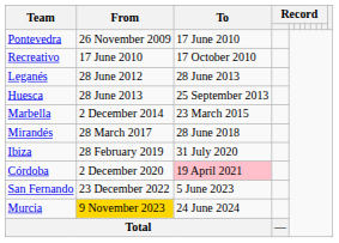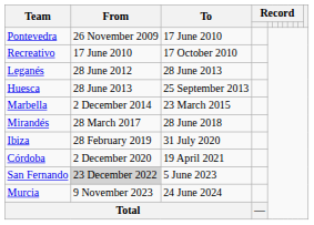 <table class="wikitable" style="text-align: center">
 <tr>
 <th rowspan="2">Team</th>
 <th rowspan="2">From</th>
 <th rowspan="2">To</th>
 <th colspan="8">Record</th>
 <th rowspan=2></th>
 </tr>
 <tr>
 <th></th>
 <th></th>
 <th></th>
 <th></th>
 <th></th>
 <th></th>
 <th></th>
 <th></th>
 </tr>
 <tr>
 <td align=left><a href='#'>Pontevedra</a></td>
 <td align=left>26 November 2009</td>
 <td align=left>17 June 2010<br></td>
 <td></td>
 </tr>
 <tr>
 <td align=left><a href='#'>Recreativo</a></td>
 <td align=left>17 June 2010</td>
 <td align=left>17 October 2010<br></td>
 <td></td>
 </tr>
 <tr>
 <td align=left><a href='#'>Leganés</a></td>
 <td align=left>28 June 2012</td>
 <td align=left>28 June 2013<br></td>
 <td></td>
 </tr>
 <tr>
 <td align=left><a href='#'>Huesca</a></td>
 <td align=left>28 June 2013</td>
 <td align=left>25 September 2013<br></td>
 <td></td>
 </tr>
 <tr>
 <td align=left><a href='#'>Marbella</a></td>
 <td align=left>2 December 2014</td>
 <td align=left>23 March 2015<br></td>
 <td></td>
 </tr>
 <tr>
 <td align=left><a href='#'>Mirandés</a></td>
 <td align=left>28 March 2017</td>
 <td align=left>28 June 2018<br></td>
 <td></td>
 </tr>
 <tr>
 <td align=left><a href='#'>Ibiza</a></td>
 <td align=left>28 February 2019</td>
 <td align=left>31 July 2020<br></td>
 <td></td>
 </tr>
 <tr>
 <td align=left><a href='#'>Córdoba</a></td>
 <td align=left>2 December 2020</td>
-<td align=left style="background: pink;">19 April 2021<br></td>
+<td align=left>19 April 2021<br></td>
 <td></td>
 </tr>
 <tr>
 <td align=left><a href='#'>San Fernando</a></td>
-<td align=left>23 December 2022</td>
+<td align=left style="background: lightgrey;">23 December 2022</td>
 <td align=left>5 June 2023<br></td>
 <td></td>
 </tr>
 <tr>
 <td align=left><a href='#'>Murcia</a></td>
-<td align=left style="background: gold;">9 November 2023</td>
+<td align=left>9 November 2023</td>
 <td align=left>24 June 2024<br></td>
 <td></td>
 </tr>
 <tr>
 <th colspan="3">Total<br></th>
 <th>—</th>
 </tr>
 </table>
